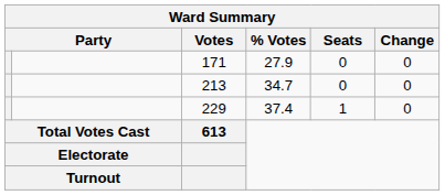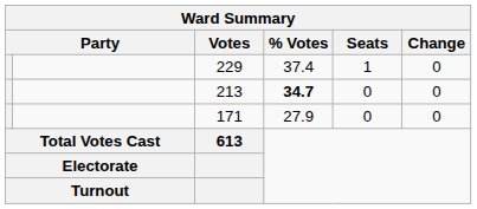 <table class="wikitable" style="font-size: 95%;">
 <tr style="background-color:#E9E9E9">
 <th colspan="6">Ward Summary</th>
 </tr>
 <tr style="background-color:#E9E9E9">
 <th colspan="2">Party</th>
 <th style="width: 60px">Votes</th>
 <th style="width: 60px">% Votes</th>
 <th style="width: 60px">Seats</th>
 <th style="width: 60px">Change</th>
 </tr>
 <tr>
 <th style="background-color: "></th>
 <td style="width: 170px"><a href='#'></a></td>
-<td align="center">171</td>
-<td align="center">27.9</td>
+<td align="center">229</td>
+<td align="center">37.4</td>
+<td align="center">1</td>
+<td align="center">0</td>
+</tr>
+<tr>
+<th style="background-color: "></th>
+<td style="width: 170px"><a href='#'></a></td>
+<td align="center">213</td>
+<td align="center"><strong>34.7</strong></td>
 <td align="center">0</td>
 <td align="center">0</td>
 </tr>
 <tr>
 <th style="background-color: "></th>
 <td style="width: 170px"><a href='#'></a></td>
-<td align="center">213</td>
-<td align="center">34.7</td>
+<td align="center">171</td>
+<td align="center">27.9</td>
 <td align="center">0</td>
-<td align="center">0</td>
-</tr>
-<tr>
-<th style="background-color: "></th>
-<td style="width: 170px"><a href='#'></a></td>
-<td align="center">229</td>
-<td align="center">37.4</td>
-<td align="center">1</td>
 <td align="center">0</td>
 </tr>
 <tr style="background-color:#E9E9E9">
 <th colspan="2">Total Votes Cast</th>
 <th style="width: 60px">613</th>
 </tr>
 <tr style="background-color:#E9E9E9">
 <th colspan="2">Electorate</th>
 <th style="width: 60px"></th>
 </tr>
 <tr style="background-color:#E9E9E9">
 <th colspan="2">Turnout</th>
 <th style="width: 60px"></th>
 </tr>
 </table>
